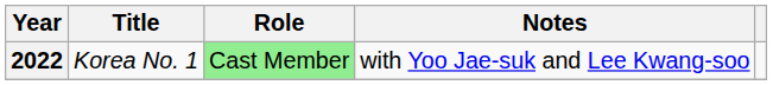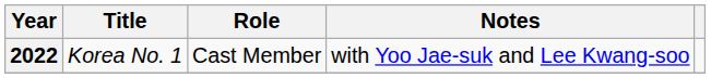 <table class="wikitable  plainrowheaders">
 <tr>
 <th scope="col">Year</th>
 <th scope="col">Title</th>
 <th scope="col">Role</th>
 <th scope="col">Notes</th>
 <th scope="col" class="unsortable"></th>
 </tr>
 <tr>
 <th scope="row">2022</th>
 <td><em>Korea No. 1</em></td>
-<td style="background: lightgreen;">Cast Member</td>
+<td>Cast Member</td>
 <td>with <a href='#'>Yoo Jae-suk</a> and <a href='#'>Lee Kwang-soo</a></td>
 <td></td>
 </tr>
 <tr>
 </tr>
 </table>
